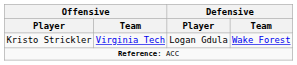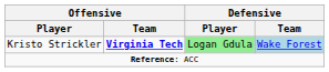 <table class="wikitable">
 <tr>
 <th colspan="2">Offensive</th>
 <th colspan="2">Defensive</th>
 </tr>
 <tr>
 <th>Player</th>
 <th>Team</th>
 <th>Player</th>
 <th>Team</th>
 </tr>
 <tr>
 <td>Kristo Strickler</td>
-<td><a href='#'>Virginia Tech</a></td>
-<td>Logan Gdula</td>
-<td><a href='#'>Wake Forest</a></td>
+<td><strong><a href='#'>Virginia Tech</a></strong></td>
+<td style="background: lightgreen;">Logan Gdula</td>
+<td style="background: lightblue;"><a href='#'>Wake Forest</a></td>
 </tr>
 <tr>
 <td colspan="12"  style="font-size:8pt; text-align:center;"><strong>Reference</strong>: ACC </td>
 </tr>
 </table>
